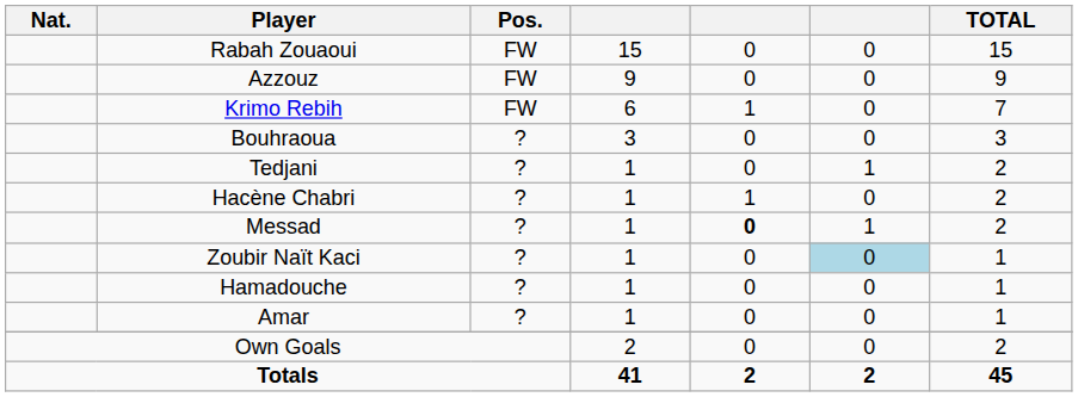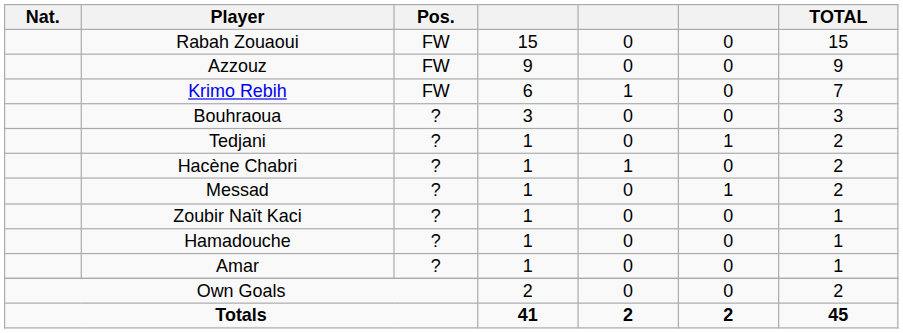 <table class="wikitable sortable alternance"  style="font-size:95%; text-align:center; line-height:14px; width:60%;">
 <tr>
 <th width=10>Nat.</th>
 <th width=140>Player</th>
 <th width=10>Pos.</th>
 <th width=40></th>
 <th width=40></th>
 <th width=40></th>
 <th width=10>TOTAL</th>
 </tr>
 <tr>
 <td></td>
 <td>Rabah Zouaoui</td>
 <td>FW</td>
 <td>15</td>
 <td>0</td>
 <td>0</td>
 <td>15</td>
 </tr>
 <tr>
 <td></td>
 <td>Azzouz</td>
 <td>FW</td>
 <td>9</td>
 <td>0</td>
 <td>0</td>
 <td>9</td>
 </tr>
 <tr>
 <td></td>
 <td><a href='#'>Krimo Rebih</a></td>
 <td>FW</td>
 <td>6</td>
 <td>1</td>
 <td>0</td>
 <td>7</td>
 </tr>
 <tr>
 <td></td>
 <td>Bouhraoua</td>
 <td>?</td>
 <td>3</td>
 <td>0</td>
 <td>0</td>
 <td>3</td>
 </tr>
 <tr>
 <td></td>
 <td>Tedjani</td>
 <td>?</td>
 <td>1</td>
 <td>0</td>
 <td>1</td>
 <td>2</td>
 </tr>
 <tr>
 <td></td>
 <td>Hacène Chabri</td>
 <td>?</td>
 <td>1</td>
 <td>1</td>
 <td>0</td>
 <td>2</td>
 </tr>
 <tr>
 <td></td>
 <td>Messad</td>
 <td>?</td>
 <td>1</td>
-<td><strong>0</strong></td>
+<td>0</td>
 <td>1</td>
 <td>2</td>
 </tr>
 <tr>
 <td></td>
 <td>Zoubir Naït Kaci</td>
 <td>?</td>
 <td>1</td>
 <td>0</td>
-<td style="background: lightblue;">0</td>
+<td>0</td>
 <td>1</td>
 </tr>
 <tr>
 <td></td>
 <td>Hamadouche</td>
 <td>?</td>
 <td>1</td>
 <td>0</td>
 <td>0</td>
 <td>1</td>
 </tr>
 <tr>
 <td></td>
 <td>Amar</td>
 <td>?</td>
 <td>1</td>
 <td>0</td>
 <td>0</td>
 <td>1</td>
 </tr>
 <tr>
 </tr>
 <tr class="sortbottom">
 <td colspan="3">Own Goals</td>
 <td>2</td>
 <td>0</td>
 <td>0</td>
 <td>2</td>
 </tr>
 <tr class="sortbottom">
 <td colspan="3"><strong>Totals</strong></td>
 <td><strong>41</strong></td>
 <td><strong>2</strong></td>
 <td><strong>2</strong></td>
 <td><strong>45</strong></td>
 </tr>
 </table>
